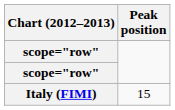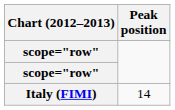 <table class="wikitable plainrowheaders sortable">
 <tr>
 <th>Chart (2012–2013)</th>
 <th>Peak<br>position</th>
 </tr>
 <tr>
 <th>scope="row" </th>
 </tr>
 <tr>
 <th>scope="row" </th>
 </tr>
 <tr>
 <th scope="row">Italy (<a href='#'>FIMI</a>)</th>
-<td style="text-align:center;">15</td>
+<td style="text-align:center;">14</td>
 </tr>
 </table>
